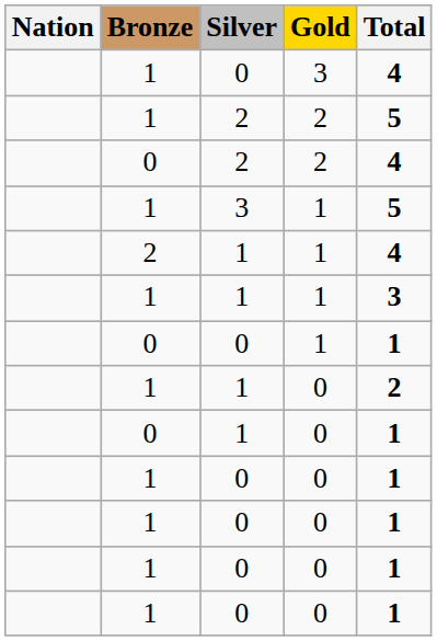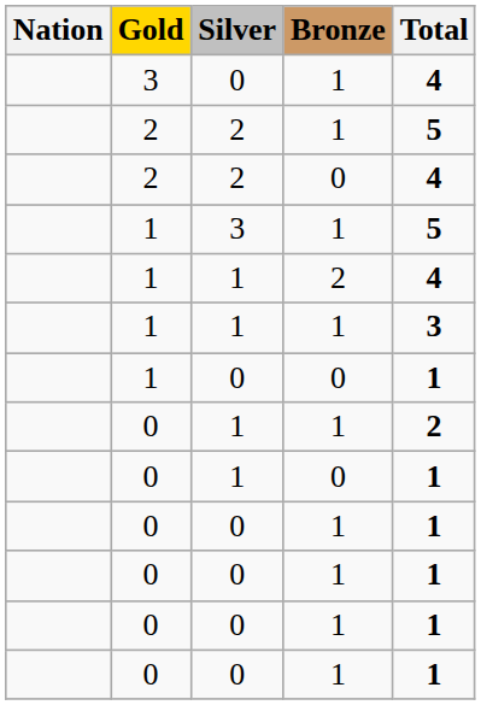 <table class="wikitable sortable" style="text-align:center;">
 <tr>
 <th>Nation</th>
+<th scope=col style="background-color: gold">Gold</th>
+<th scope=col style="background-color: silver">Silver</th>
 <th scope=col style="background-color: #cc9966">Bronze</th>
-<th scope=col style="background-color: silver">Silver</th>
-<th scope=col style="background-color: gold">Gold</th>
 <th>Total</th>
 </tr>
 <tr>
 <td align="left"></td>
+<td>3</td>
+<td>0</td>
 <td>1</td>
-<td>0</td>
-<td>3</td>
 <td><strong>4</strong></td>
 </tr>
 <tr>
 <td align="left"></td>
-<td>1</td>
 <td>2</td>
 <td>2</td>
+<td>1</td>
 <td><strong>5</strong></td>
 </tr>
 <tr>
 <td align="left"></td>
-<td>0</td>
 <td>2</td>
 <td>2</td>
+<td>0</td>
 <td><strong>4</strong></td>
 </tr>
 <tr>
 <td align="left"></td>
 <td>1</td>
 <td>3</td>
 <td>1</td>
 <td><strong>5</strong></td>
 </tr>
 <tr>
 <td align="left"></td>
-<td>2</td>
 <td>1</td>
 <td>1</td>
+<td>2</td>
 <td><strong>4</strong></td>
 </tr>
 <tr>
 <td align="left"></td>
 <td>1</td>
 <td>1</td>
 <td>1</td>
 <td><strong>3</strong></td>
 </tr>
 <tr>
 <td align="left"></td>
+<td>1</td>
 <td>0</td>
 <td>0</td>
-<td>1</td>
 <td><strong>1</strong></td>
 </tr>
 <tr>
 <td align="left"></td>
+<td>0</td>
 <td>1</td>
 <td>1</td>
-<td>0</td>
 <td><strong>2</strong></td>
 </tr>
 <tr>
 <td align="left"></td>
 <td>0</td>
 <td>1</td>
 <td>0</td>
 <td><strong>1</strong></td>
 </tr>
 <tr>
 <td align="left"></td>
-<td>1</td>
 <td>0</td>
 <td>0</td>
+<td>1</td>
 <td><strong>1</strong></td>
 </tr>
 <tr>
 <td align="left"></td>
-<td>1</td>
 <td>0</td>
 <td>0</td>
+<td>1</td>
 <td><strong>1</strong></td>
 </tr>
 <tr>
 <td align="left"></td>
-<td>1</td>
 <td>0</td>
 <td>0</td>
+<td>1</td>
 <td><strong>1</strong></td>
 </tr>
 <tr>
 <td align="left"></td>
-<td>1</td>
 <td>0</td>
 <td>0</td>
+<td>1</td>
 <td><strong>1</strong></td>
 </tr>
 </table>
